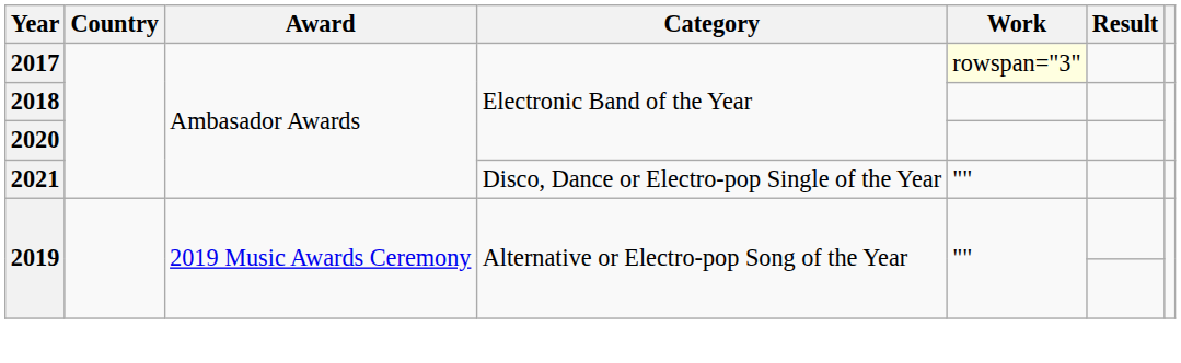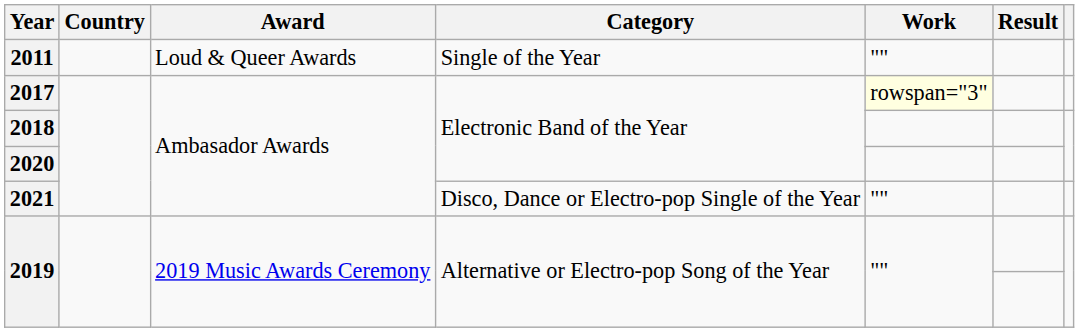 <table class="wikitable plainrowheaders">
 <tr>
 <th scope="col">Year</th>
 <th scope="col">Country</th>
 <th scope="col">Award</th>
 <th scope="col">Category</th>
 <th scope="col">Work</th>
 <th scope="col">Result</th>
 <th scope="col"></th>
+</tr>
+<tr>
+<th scope="row">2011</th>
+<td></td>
+<td>Loud & Queer Awards</td>
+<td>Single of the Year</td>
+<td>""</td>
+<td></td>
+<td></td>
 </tr>
 <tr>
 <th scope="row">2017</th>
 <td rowspan="4"></td>
 <td rowspan="4">Ambasador Awards</td>
 <td rowspan="3">Electronic Band of the Year</td>
 <td style="background: lightyellow;">rowspan="3" </td>
 <td></td>
 <td></td>
 </tr>
 <tr>
 <th scope="row">2018</th>
 <td></td>
 <td></td>
 </tr>
 <tr>
 <th scope="row">2020</th>
 <td></td>
 <td></td>
 </tr>
 <tr>
 <th scope="row">2021</th>
 <td>Disco, Dance or Electro-pop Single of the Year</td>
 <td>""</td>
 <td></td>
 <td></td>
 </tr>
 <tr>
 <th scope="row" rowspan="2">2019</th>
 <td rowspan="2"><br><br><br><br></td>
 <td rowspan="2"><a href='#'>2019 Music Awards Ceremony</a></td>
 <td rowspan="2">Alternative or Electro-pop Song of the Year</td>
 <td rowspan="2">""</td>
 <td></td>
 <td rowspan="2"></td>
 </tr>
 <tr>
 <td></td>
 </tr>
 </table>
